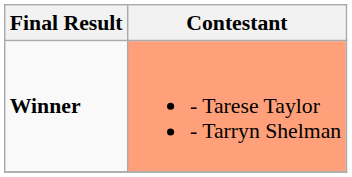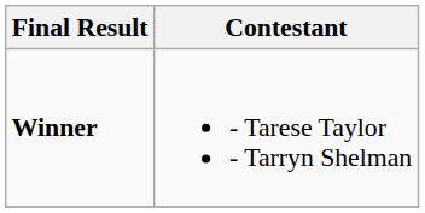 <table class="wikitable sortable" style="font-size:95%;">
 <tr>
 <th>Final Result</th>
 <th>Contestant</th>
 </tr>
 <tr>
 <td><strong>Winner</strong></td>
-<td style="background: lightsalmon;"><br><ul><li><strong></strong> - Tarese Taylor</li><li><strong></strong> - Tarryn Shelman</li></ul></td>
+<td><br><ul><li><strong></strong> - Tarese Taylor</li><li><strong></strong> - Tarryn Shelman</li></ul></td>
 </tr>
 <tr>
 </tr>
 </table>
